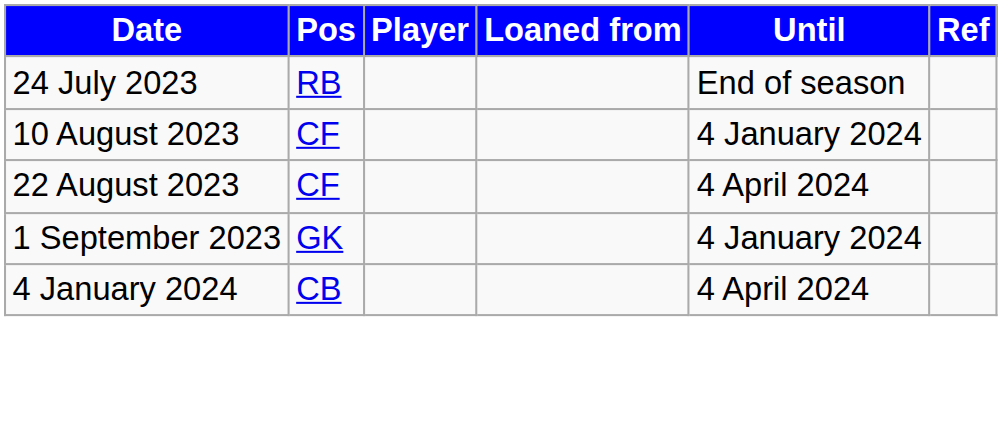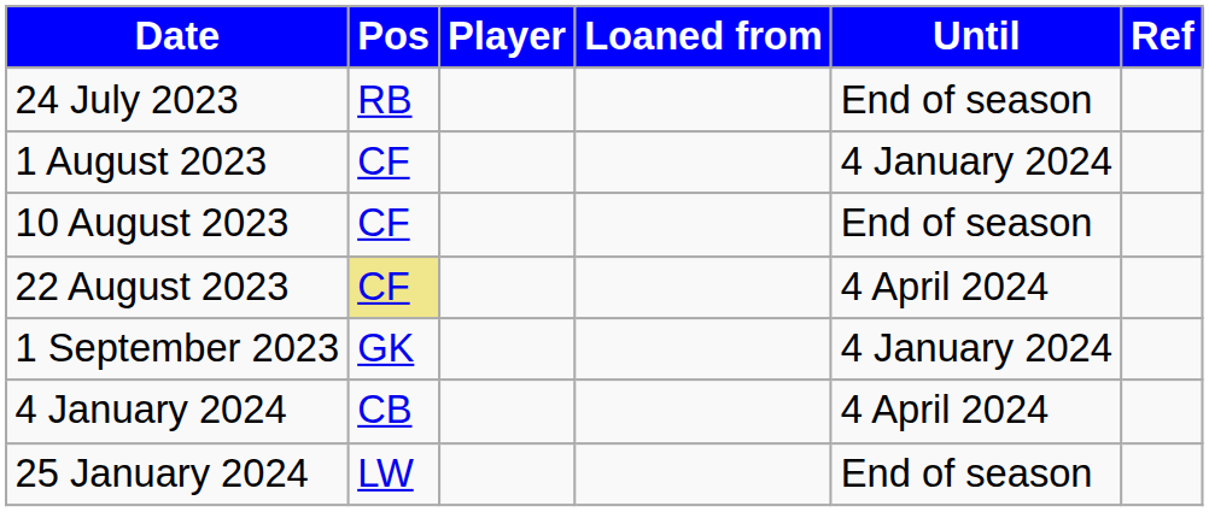 <table class="wikitable plainrowheaders sortable">
 <tr>
 <th style="background:#0000FF;color:white;">Date</th>
 <th style="background:#0000FF;color:white;">Pos</th>
 <th style="background:#0000FF;color:white;">Player</th>
 <th style="background:#0000FF;color:white;">Loaned from</th>
 <th style="background:#0000FF;color:white;">Until</th>
 <th style="background:#0000FF;color:white;">Ref</th>
 </tr>
 <tr>
 <td>24 July 2023</td>
 <td><a href='#'>RB</a></td>
 <td></td>
 <td></td>
 <td>End of season</td>
 <td></td>
 </tr>
 <tr>
-<td>10 August 2023</td>
+<td>1 August 2023</td>
 <td><a href='#'>CF</a></td>
 <td></td>
 <td></td>
 <td>4 January 2024</td>
 <td></td>
 </tr>
 <tr>
+<td>10 August 2023</td>
+<td><a href='#'>CF</a></td>
+<td></td>
+<td></td>
+<td>End of season</td>
+<td></td>
+</tr>
+<tr>
 <td>22 August 2023</td>
-<td><a href='#'>CF</a></td>
+<td style="background: khaki;"><a href='#'>CF</a></td>
 <td></td>
 <td></td>
 <td>4 April 2024</td>
 <td></td>
 </tr>
 <tr>
 <td>1 September 2023</td>
 <td><a href='#'>GK</a></td>
 <td></td>
 <td></td>
 <td>4 January 2024</td>
 <td></td>
 </tr>
 <tr>
 <td>4 January 2024</td>
 <td><a href='#'>CB</a></td>
 <td></td>
 <td></td>
 <td>4 April 2024</td>
 <td></td>
 </tr>
+<tr>
+<td>25 January 2024</td>
+<td><a href='#'>LW</a></td>
+<td></td>
+<td></td>
+<td>End of season</td>
+<td></td>
+</tr>
 </table>
